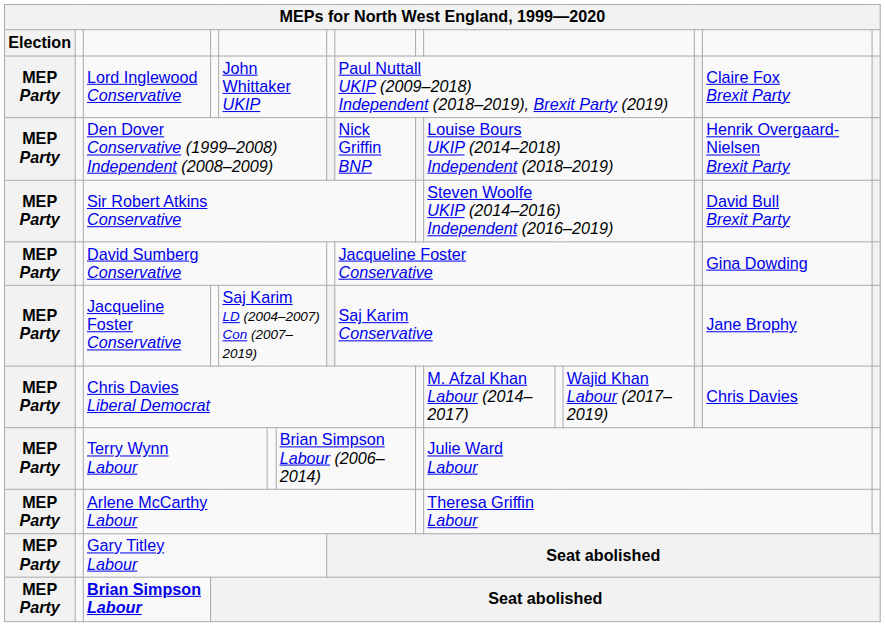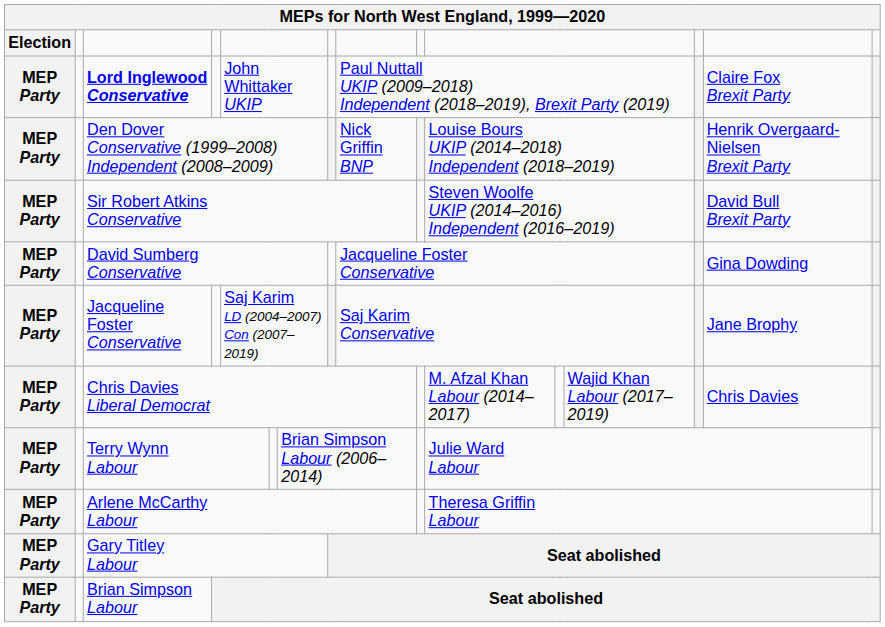 <table class="wikitable">
 <tr>
 <th colspan = 16>MEPs for North West England, 1999—2020</th>
 </tr>
 <tr>
 <th>Election</th>
 <td width="1px"></td>
 <td></td>
 <td width="1px"></td>
 <td colspan = 3></td>
 <td width="1px"></td>
 <td></td>
 <td width="1px"></td>
 <td colspan = 3></td>
 <td width="1px"></td>
 <td colspan = 1></td>
 <td width="1px"></td>
 </tr>
 <tr>
 <th>MEP<br><em>Party</em></th>
 <td width=1px style="background-color: "></td>
-<td><a href='#'>Lord Inglewood</a><br><em><a href='#'>Conservative</a></em></td>
+<td><strong><a href='#'>Lord Inglewood</a><br><em><a href='#'>Conservative</a></em></strong></td>
 <td width=1px style="background-color: "></td>
 <td colspan = 3><a href='#'>John Whittaker</a><br><em><a href='#'>UKIP</a></em></td>
 <td width=1px style="background-color: "></td>
 <td colspan = 5><a href='#'>Paul Nuttall</a><br><em><a href='#'>UKIP</a> (2009–2018) <br> <a href='#'>Independent</a> (2018–2019), <a href='#'>Brexit Party</a> (2019)</em></td>
 <th style="background-color: "></th>
 <td><a href='#'>Claire Fox</a> <br> <em><a href='#'>Brexit Party</a></em></td>
 <th style="background-color: "></th>
 </tr>
 <tr>
 <th>MEP<br><em>Party</em></th>
 <td width=1px style="background-color: "></td>
 <td colspan = 5><a href='#'>Den Dover</a><br><em><a href='#'>Conservative</a> (1999–2008)<br><a href='#'>Independent</a> (2008–2009)</em></td>
 <th style="background-color: "></th>
 <td><a href='#'>Nick Griffin</a><br><em><a href='#'>BNP</a></em></td>
 <th style="background-color: "></th>
 <td colspan = 3><a href='#'>Louise Bours</a><br><em><a href='#'>UKIP</a> (2014–2018)</em> <br> <em><a href='#'>Independent</a> (2018–2019)</em></td>
 <th style="background-color: "></th>
 <td><a href='#'>Henrik Overgaard-Nielsen</a> <br> <em><a href='#'>Brexit Party</a></em></td>
 <th style="background-color: "></th>
 </tr>
 <tr>
 <th>MEP<br><em>Party</em></th>
 <td width=1px style="background-color: "></td>
 <td colspan = 7><a href='#'>Sir Robert Atkins</a><br><em><a href='#'>Conservative</a></em></td>
 <td width=1px style="background-color: "></td>
 <td colspan = 3><a href='#'>Steven Woolfe</a><br><em><a href='#'>UKIP</a> (2014–2016)<br> <a href='#'>Independent</a> (2016–2019)</em></td>
 <th style="background-color: "></th>
 <td><a href='#'>David Bull</a> <br> <em><a href='#'>Brexit Party</a></em></td>
 <th style="background-color: "></th>
 </tr>
 <tr>
 <th>MEP<br><em>Party</em></th>
 <td width=1px style="background-color: "></td>
 <td colspan = 5><a href='#'>David Sumberg</a><br><em><a href='#'>Conservative</a></em></td>
 <td width=1px style="background-color: "></td>
 <td colspan = 5><a href='#'>Jacqueline Foster</a><br><em><a href='#'>Conservative</a></em></td>
 <th style="background-color:"></th>
 <td><a href='#'>Gina Dowding</a> <br> <em><a href='#'></a></em></td>
 <th style="background-color: "></th>
 </tr>
 <tr>
 <th>MEP<br><em>Party</em></th>
 <td width=1px style="background-color: "></td>
 <td><a href='#'>Jacqueline Foster</a><br><em><a href='#'>Conservative</a></em></td>
 <td width=1px style="background-color: "></td>
 <td colspan = 3><a href='#'>Saj Karim</a><br><small><em><a href='#'>LD</a> (2004–2007)<br><a href='#'>Con</a> (2007–2019)</em></small></td>
 <th style="background-color:"></th>
 <td colspan = 5><a href='#'>Saj Karim</a><br><em><a href='#'>Conservative</a></em></td>
 <th style="background-color:"></th>
 <td><a href='#'>Jane Brophy</a> <br> <em><a href='#'></a></em></td>
 <th style="background-color: "></th>
 </tr>
 <tr>
 <th>MEP<br><em>Party</em></th>
 <td width=1px style="background-color: "></td>
 <td colspan = 7><a href='#'>Chris Davies</a><br><em><a href='#'>Liberal Democrat</a></em></td>
 <td width=1px style="background-color: "></td>
 <td colspan = 1><a href='#'>M. Afzal Khan</a><br><em><a href='#'>Labour</a> (2014–2017)</em></td>
 <td width=1px style="background-color: "></td>
 <td><a href='#'>Wajid Khan</a><br><em><a href='#'>Labour</a> (2017–2019)</em></td>
 <th style="background-color: "></th>
 <td><a href='#'>Chris Davies</a> <br> <em><a href='#'></a></em></td>
 <th style="background-color: "></th>
 </tr>
 <tr>
 <th>MEP<br><em>Party</em></th>
 <td width=1px style="background-color: "></td>
 <td colspan = 3><a href='#'>Terry Wynn</a><br><em><a href='#'>Labour</a></em></td>
 <td width=1px style="background-color: "></td>
 <td colspan = 3><a href='#'>Brian Simpson</a><br><em><a href='#'>Labour</a>  (2006–2014)</em></td>
 <td width=1px style="background-color: "></td>
 <td colspan = 5><a href='#'>Julie Ward</a><br><em><a href='#'>Labour</a></em></td>
 <td width=1px style="background-color: "></td>
 </tr>
 <tr>
 <th>MEP<br><em>Party</em></th>
 <td width=1px style="background-color: "></td>
 <td colspan = 7><a href='#'>Arlene McCarthy</a><br><em><a href='#'>Labour</a></em></td>
 <td width=1px style="background-color: "></td>
 <td colspan = 5><a href='#'>Theresa Griffin</a><br><em><a href='#'>Labour</a></em></td>
 <td width=1px style="background-color: "></td>
 </tr>
 <tr>
 <th>MEP<br><em>Party</em></th>
 <td width=1px style="background-color: "></td>
 <td colspan = 5><a href='#'>Gary Titley</a><br><em><a href='#'>Labour</a></em></td>
 <th colspan = 9>Seat abolished</th>
 </tr>
 <tr>
 <th>MEP<br><em>Party</em></th>
 <td width=1px style="background-color: "></td>
-<td><strong><a href='#'>Brian Simpson</a><br><em><a href='#'>Labour</a></em></strong></td>
+<td><a href='#'>Brian Simpson</a><br><em><a href='#'>Labour</a></em></td>
 <th colspan = 13>Seat abolished</th>
 </tr>
 </table>
